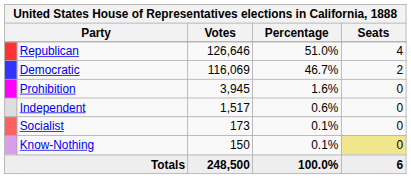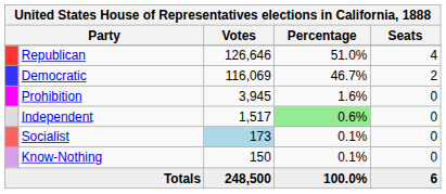 <table class="wikitable" style="font-size: 95%;">
 <tr>
 <th colspan="6">United States House of Representatives elections in California, 1888</th>
 </tr>
 <tr>
 <th colspan=2 style="width: 15em">Party</th>
 <th style="width: 5em">Votes</th>
 <th style="width: 7em">Percentage</th>
 <th style="width: 5em">Seats</th>
 </tr>
 <tr>
 </tr>
 <tr>
 <th style="background-color:#FF3333; width: 3px"></th>
 <td style="width: 130px"><a href='#'>Republican</a></td>
 <td align="right">126,646</td>
 <td align="right">51.0%</td>
 <td align="right">4</td>
 </tr>
 <tr>
 <th style="background-color:#3333FF; width: 3px"></th>
 <td style="width: 130px"><a href='#'>Democratic</a></td>
 <td align="right">116,069</td>
 <td align="right">46.7%</td>
 <td align="right">2</td>
 </tr>
 <tr>
 <th style="background-color:#FF00FF; width: 3px"></th>
 <td style="width: 130px"><a href='#'>Prohibition</a></td>
 <td align="right">3,945</td>
 <td align="right">1.6%</td>
 <td align="right">0</td>
 </tr>
 <tr>
 <th style="background-color:#DDDDDD; width: 3px"></th>
 <td style="width: 130px"><a href='#'>Independent</a></td>
 <td align="right">1,517</td>
-<td align="right">0.6%</td>
+<td align="right" style="background: lightgreen;">0.6%</td>
 <td align="right">0</td>
 </tr>
 <tr>
 <th style="background-color:#FF6060; width: 3px"></th>
 <td style="width: 130px"><a href='#'>Socialist</a></td>
-<td align="right">173</td>
+<td align="right" style="background: lightblue;">173</td>
 <td align="right">0.1%</td>
 <td align="right">0</td>
 </tr>
 <tr>
 <th style="background-color:#D99FE8; width: 3px"></th>
 <td style="width: 130px"><a href='#'>Know-Nothing</a></td>
 <td align="right">150</td>
 <td align="right">0.1%</td>
-<td align="right" style="background: khaki;">0</td>
+<td align="right">0</td>
 </tr>
 <tr bgcolor="#EEEEEE">
 <td colspan="2" align="right"><strong>Totals</strong></td>
 <td align="right"><strong>248,500</strong></td>
 <td align="right"><strong>100.0%</strong></td>
 <td align="right"><strong>6</strong></td>
 </tr>
 </table>
